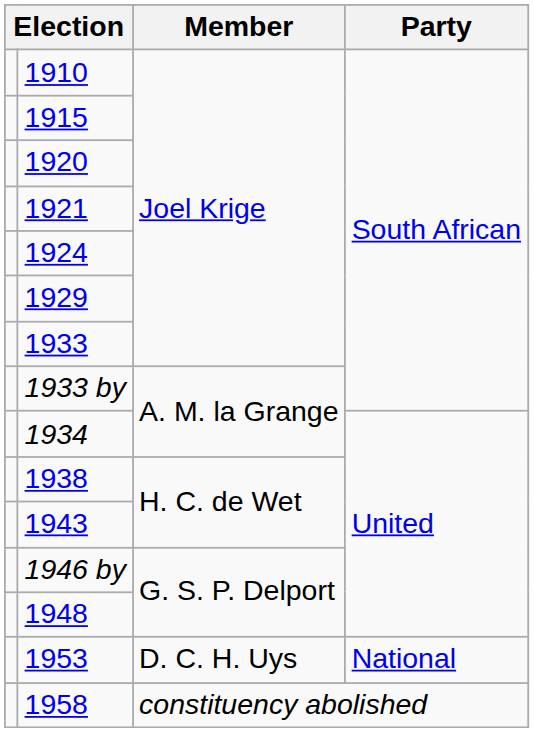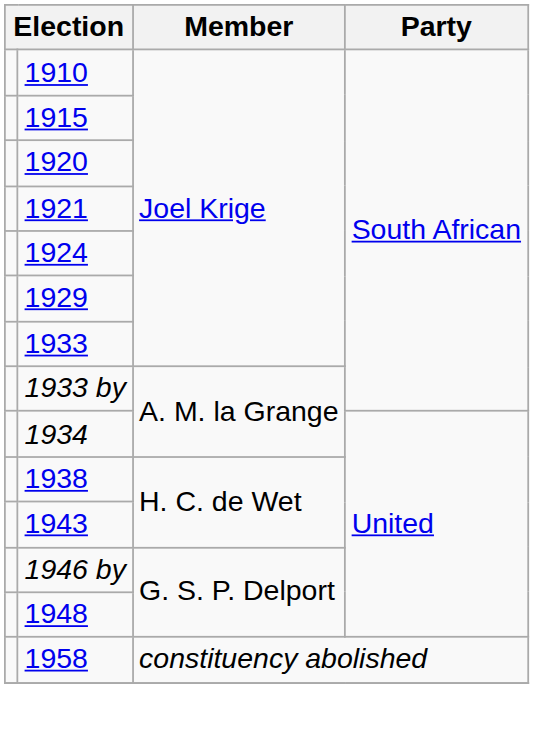 <table class="wikitable">
 <tr>
 <th colspan="2">Election</th>
 <th>Member</th>
 <th>Party</th>
 </tr>
 <tr>
 <td style="background-color: "></td>
 <td><a href='#'>1910</a></td>
 <td rowspan="7"><a href='#'>Joel Krige</a></td>
 <td rowspan="8"><a href='#'>South African</a></td>
 </tr>
 <tr>
 <td style="background-color: "></td>
 <td><a href='#'>1915</a></td>
 </tr>
 <tr>
 <td style="background-color: "></td>
 <td><a href='#'>1920</a></td>
 </tr>
 <tr>
 <td style="background-color: "></td>
 <td><a href='#'>1921</a></td>
 </tr>
 <tr>
 <td style="background-color: "></td>
 <td><a href='#'>1924</a></td>
 </tr>
 <tr>
 <td style="background-color: "></td>
 <td><a href='#'>1929</a></td>
 </tr>
 <tr>
 <td style="background-color: "></td>
 <td><a href='#'>1933</a></td>
 </tr>
 <tr>
 <td style="background-color: "></td>
 <td><em>1933 by</em></td>
 <td rowspan="2">A. M. la Grange</td>
 </tr>
 <tr>
 <td style="background-color: "></td>
 <td><em>1934</em></td>
 <td rowspan="5"><a href='#'>United</a></td>
 </tr>
 <tr>
 <td style="background-color: "></td>
 <td><a href='#'>1938</a></td>
 <td rowspan="2">H. C. de Wet</td>
 </tr>
 <tr>
 <td style="background-color: "></td>
 <td><a href='#'>1943</a></td>
 </tr>
 <tr>
 <td style="background-color: "></td>
 <td><em>1946 by</em></td>
 <td rowspan="2">G. S. P. Delport</td>
 </tr>
 <tr>
 <td style="background-color: "></td>
 <td><a href='#'>1948</a></td>
 </tr>
 <tr>
 <td style="background-color: "></td>
-<td><a href='#'>1953</a></td>
-<td>D. C. H. Uys</td>
-<td><a href='#'>National</a></td>
-</tr>
-<tr>
-<td style="background-color: "></td>
 <td><a href='#'>1958</a></td>
 <td colspan="2"><em>constituency abolished</em></td>
 </tr>
 <tr>
 </tr>
 </table>
